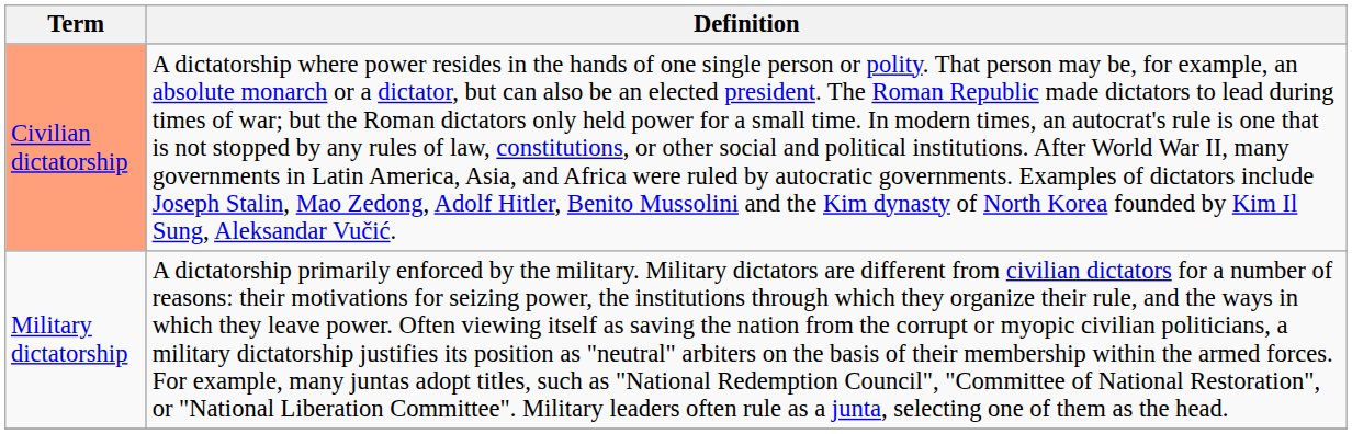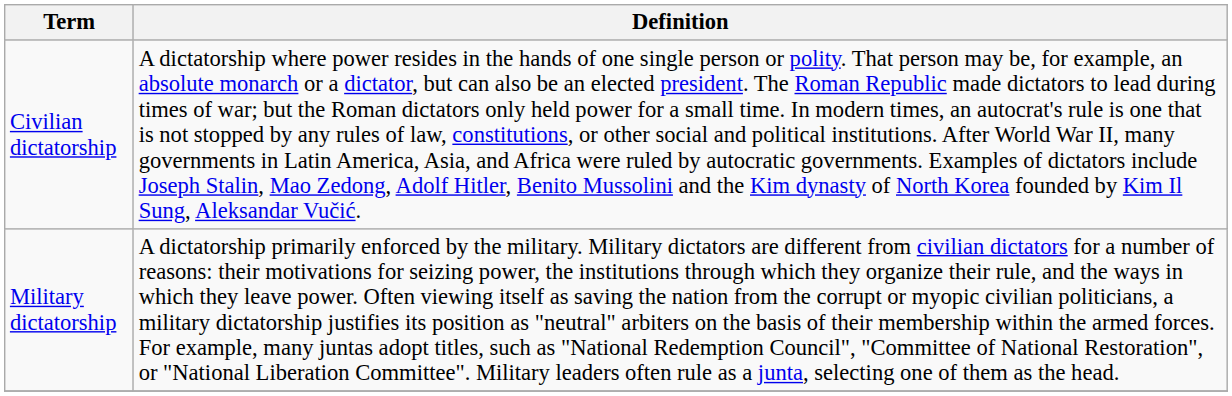 <table class="wikitable">
 <tr>
 <th>Term</th>
 <th>Definition</th>
 </tr>
 <tr>
-<td style="background: lightsalmon;"><a href='#'>Civilian dictatorship</a></td>
+<td><a href='#'>Civilian dictatorship</a></td>
 <td>A dictatorship where power resides in the hands of one single person or <a href='#'>polity</a>. That person may be, for example, an <a href='#'>absolute monarch</a> or a <a href='#'>dictator</a>, but can also be an elected <a href='#'>president</a>. The <a href='#'>Roman Republic</a> made dictators to lead during times of war; but the Roman dictators only held power for a small time. In modern times, an autocrat's rule is one that is not stopped by any rules of law, <a href='#'>constitutions</a>, or other social and political institutions. After World War II, many governments in Latin America, Asia, and Africa were ruled by autocratic governments. Examples of dictators include <a href='#'>Joseph Stalin</a>, <a href='#'>Mao Zedong</a>, <a href='#'>Adolf Hitler</a>, <a href='#'>Benito Mussolini</a> and the <a href='#'>Kim dynasty</a> of <a href='#'>North Korea</a> founded by <a href='#'>Kim Il Sung</a>, <a href='#'>Aleksandar Vučić</a>.</td>
 </tr>
 <tr>
 <td><a href='#'>Military dictatorship</a></td>
 <td>A dictatorship primarily enforced by the military. Military dictators are different from <a href='#'>civilian dictators</a> for a number of reasons: their motivations for seizing power, the institutions through which they organize their rule, and the ways in which they leave power. Often viewing itself as saving the nation from the corrupt or myopic civilian politicians, a military dictatorship justifies its position as "neutral" arbiters on the basis of their membership within the armed forces. For example, many juntas adopt titles, such as "National Redemption Council", "Committee of National Restoration", or "National Liberation Committee". Military leaders often rule as a <a href='#'>junta</a>, selecting one of them as the head.</td>
 </tr>
 <tr>
 </tr>
 </table>
